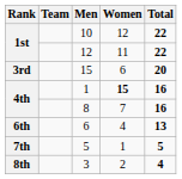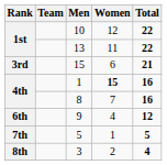 <table class="wikitable" style="text-align:center">
 <tr>
 <th>Rank</th>
 <th>Team</th>
 <th>Men</th>
 <th>Women</th>
 <th>Total</th>
 </tr>
 <tr>
 <th rowspan="2">1st</th>
 <td align="left"></td>
 <td>10</td>
 <td>12</td>
 <td><strong>22</strong></td>
 </tr>
 <tr>
 <td align=left></td>
-<td>12</td>
+<td>13</td>
 <td>11</td>
 <td><strong>22</strong></td>
 </tr>
 <tr>
 <th>3rd</th>
 <td align="left"></td>
 <td>15</td>
 <td>6</td>
-<td><strong>20</strong></td>
+<td><strong>21</strong></td>
 </tr>
 <tr>
 <th rowspan="2">4th</th>
 <td align=left></td>
 <td>1</td>
 <td><strong>15</strong></td>
 <td><strong>16</strong></td>
 </tr>
 <tr>
 <td align="left"></td>
 <td>8</td>
 <td>7</td>
 <td><strong>16</strong></td>
 </tr>
 <tr>
 <th>6th</th>
 <td align="left"></td>
-<td>6</td>
+<td>9</td>
 <td>4</td>
-<td><strong>13</strong></td>
+<td><strong>12</strong></td>
 </tr>
 <tr>
 <th>7th</th>
 <td align="left"></td>
 <td>5</td>
 <td>1</td>
 <td><strong>5</strong></td>
 </tr>
 <tr>
 <th>8th</th>
 <td align="left"></td>
 <td>3</td>
 <td>2</td>
 <td><strong>4</strong></td>
 </tr>
 </table>
